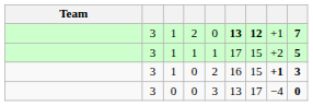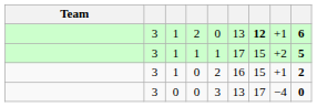 <table class="wikitable" style="text-align: center;">
 <tr>
 <th width="175">Team</th>
 <th width="20"></th>
 <th width="20"></th>
 <th width="20"></th>
 <th width="20"></th>
 <th width="20"></th>
 <th width="20"></th>
 <th width="20"></th>
 <th width="20"></th>
 </tr>
 <tr align=center bgcolor=#ccffcc>
 <td style="text-align:left;"></td>
 <td>3</td>
 <td>1</td>
 <td>2</td>
 <td>0</td>
-<td><strong>13</strong></td>
+<td>13</td>
 <td><strong>12</strong></td>
 <td>+1</td>
-<td><strong>7</strong></td>
+<td><strong>6</strong></td>
 </tr>
 <tr align=center bgcolor=#ccffcc>
 <td style="text-align:left;"></td>
 <td>3</td>
 <td>1</td>
 <td>1</td>
 <td>1</td>
 <td>17</td>
 <td>15</td>
 <td>+2</td>
 <td><strong>5</strong></td>
 </tr>
 <tr>
 <td style="text-align:left;"></td>
 <td>3</td>
 <td>1</td>
 <td>0</td>
 <td>2</td>
 <td>16</td>
 <td>15</td>
-<td><strong>+1</strong></td>
-<td><strong>3</strong></td>
+<td>+1</td>
+<td><strong>2</strong></td>
 </tr>
 <tr>
 <td style="text-align:left;"></td>
 <td>3</td>
 <td>0</td>
 <td>0</td>
 <td>3</td>
 <td>13</td>
 <td>17</td>
 <td>−4</td>
 <td><strong>0</strong></td>
 </tr>
 </table>
